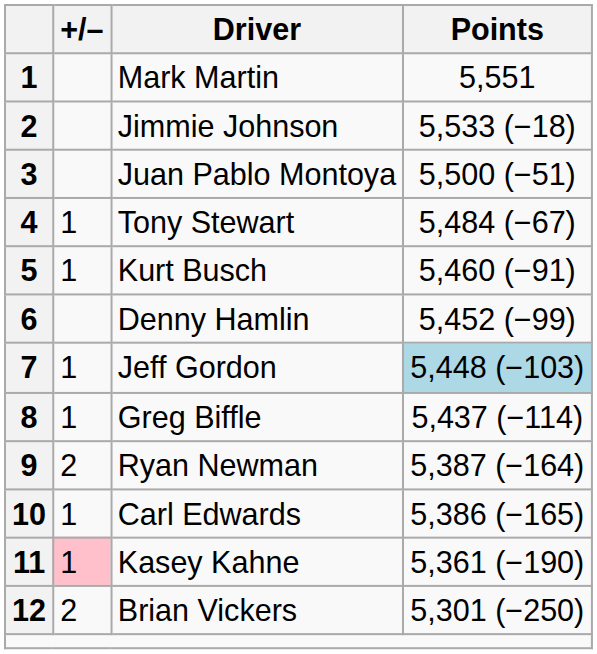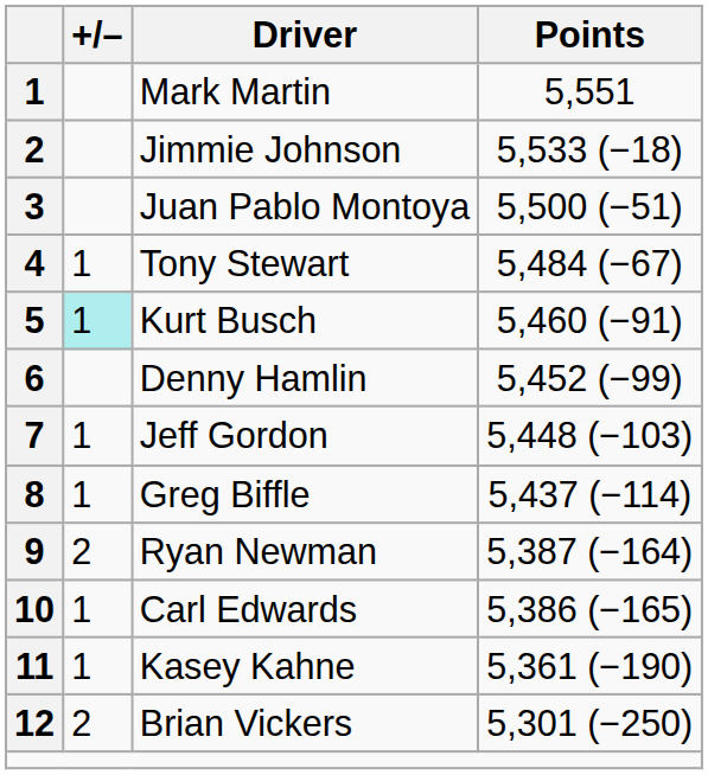 <table class="wikitable " style="font-size: 95%;">
 <tr>
 <th scope="col"></th>
 <th scope="col">+/–</th>
 <th scope="col">Driver</th>
 <th scope="col">Points</th>
 </tr>
 <tr>
 <th scope="row">1</th>
 <td align="left"></td>
 <td>Mark Martin</td>
 <td style="text-align:center;">5,551</td>
 </tr>
 <tr>
 <th scope="row">2</th>
 <td align="left"></td>
 <td>Jimmie Johnson</td>
 <td style="text-align:center;">5,533 (−18)</td>
 </tr>
 <tr>
 <th scope="row">3</th>
 <td align="left"></td>
 <td>Juan Pablo Montoya</td>
 <td style="text-align:center;">5,500 (−51)</td>
 </tr>
 <tr>
 <th scope="row">4</th>
 <td align="left"> 1</td>
 <td>Tony Stewart</td>
 <td style="text-align:center;">5,484 (−67)</td>
 </tr>
 <tr>
 <th scope="row">5</th>
-<td align="left"> 1</td>
+<td align="left" style="background: paleturquoise;"> 1</td>
 <td>Kurt Busch</td>
 <td style="text-align:center;">5,460 (−91)</td>
 </tr>
 <tr>
 <th scope="row">6</th>
 <td align="left"></td>
 <td>Denny Hamlin</td>
 <td style="text-align:center;">5,452 (−99)</td>
 </tr>
 <tr>
 <th scope="row">7</th>
 <td align="left"> 1</td>
 <td>Jeff Gordon</td>
-<td style="background: lightblue; text-align:center;">5,448 (−103)</td>
+<td style="text-align:center;">5,448 (−103)</td>
 </tr>
 <tr>
 <th scope="row">8</th>
 <td align="left"> 1</td>
 <td>Greg Biffle</td>
 <td style="text-align:center;">5,437 (−114)</td>
 </tr>
 <tr>
 <th scope="row">9</th>
 <td align="left"> 2</td>
 <td>Ryan Newman</td>
 <td style="text-align:center;">5,387 (−164)</td>
 </tr>
 <tr>
 <th scope="row">10</th>
 <td align="left"> 1</td>
 <td>Carl Edwards</td>
 <td style="text-align:center;">5,386 (−165)</td>
 </tr>
 <tr>
 <th scope="row">11</th>
-<td align="left" style="background: pink;"> 1</td>
+<td align="left"> 1</td>
 <td>Kasey Kahne</td>
 <td style="text-align:center;">5,361 (−190)</td>
 </tr>
 <tr>
 <th scope="row">12</th>
 <td align="left"> 2</td>
 <td>Brian Vickers</td>
 <td style="text-align:center;">5,301 (−250)</td>
 </tr>
 <tr class="sortbottom">
 <td colspan="9"></td>
 </tr>
 </table>
